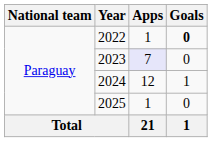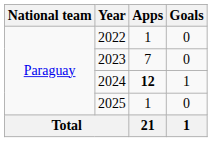 <table class="wikitable" style="text-align:center">
 <tr>
 <th>National team</th>
 <th>Year</th>
 <th>Apps</th>
 <th>Goals</th>
 </tr>
 <tr>
 <td rowspan="4"><a href='#'>Paraguay</a></td>
 <td>2022</td>
 <td>1</td>
-<td><strong>0</strong></td>
+<td>0</td>
 </tr>
 <tr>
 <td>2023</td>
-<td style="background: lavender;">7</td>
+<td>7</td>
 <td>0</td>
 </tr>
 <tr>
 <td>2024</td>
-<td>12</td>
+<td><strong>12</strong></td>
 <td>1</td>
 </tr>
 <tr>
 <td>2025</td>
 <td>1</td>
 <td>0</td>
 </tr>
 <tr>
 <th colspan="2">Total</th>
 <th>21</th>
 <th>1</th>
 </tr>
 </table>
